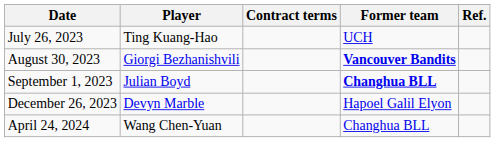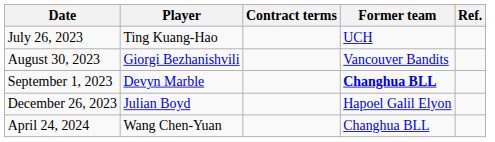 <table class="wikitable">
 <tr>
 <th>Date</th>
 <th>Player</th>
 <th>Contract terms</th>
 <th>Former team</th>
 <th>Ref.</th>
 </tr>
 <tr>
 <td>July 26, 2023</td>
 <td>Ting Kuang-Hao</td>
 <td></td>
 <td><a href='#'>UCH</a></td>
 <td></td>
 </tr>
 <tr>
 <td>August 30, 2023</td>
 <td><a href='#'>Giorgi Bezhanishvili</a></td>
 <td></td>
-<td><strong><a href='#'>Vancouver Bandits</a></strong></td>
+<td><a href='#'>Vancouver Bandits</a></td>
 <td></td>
 </tr>
 <tr>
 <td>September 1, 2023</td>
-<td><a href='#'>Julian Boyd</a></td>
+<td><a href='#'>Devyn Marble</a></td>
 <td></td>
 <td><strong><a href='#'>Changhua BLL</a></strong></td>
 <td></td>
 </tr>
 <tr>
 <td>December 26, 2023</td>
-<td><a href='#'>Devyn Marble</a></td>
+<td><a href='#'>Julian Boyd</a></td>
 <td></td>
 <td><a href='#'>Hapoel Galil Elyon</a></td>
 <td></td>
 </tr>
 <tr>
 <td>April 24, 2024</td>
 <td>Wang Chen-Yuan</td>
 <td></td>
 <td><a href='#'>Changhua BLL</a></td>
 <td></td>
 </tr>
 </table>
